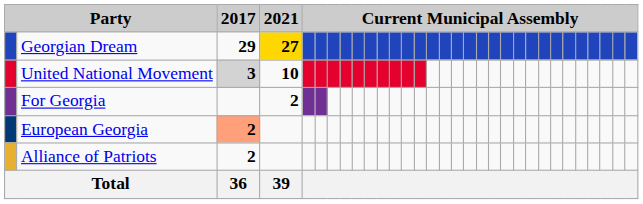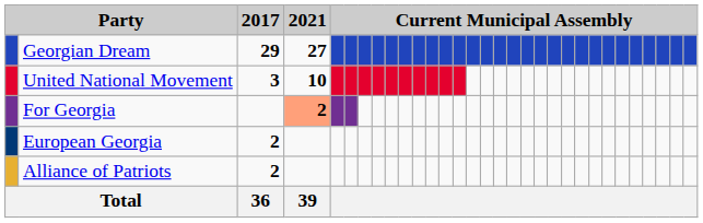 <table class="wikitable">
 <tr>
 <th colspan="2" style="background:#ccc">Party</th>
 <th style="background:#ccc">2017</th>
 <th style="background:#ccc">2021</th>
 <th colspan="30" style="background:#ccc">Current Municipal Assembly</th>
 </tr>
 <tr>
 <td style="background-color: #2044bc  "> </td>
 <td><a href='#'>Georgian Dream</a></td>
 <td style="text-align: right"><strong>29</strong></td>
-<td style="background: gold; text-align: right"><strong>27</strong></td>
+<td style="text-align: right"><strong>27</strong></td>
 <td style="background-color: #2044bc "></td>
 <td style="background-color: #2044bc "> </td>
 <td style="background-color: #2044bc "> </td>
 <td style="background-color: #2044bc "> </td>
 <td style="background-color: #2044bc "> </td>
 <td style="background-color: #2044bc "> </td>
 <td style="background-color: #2044bc "> </td>
 <td style="background-color: #2044bc "> </td>
 <td style="background-color: #2044bc "> </td>
 <td style="background-color: #2044bc "> </td>
 <td style="background-color: #2044bc "> </td>
 <td style="background-color: #2044bc "> </td>
 <td style="background-color: #2044bc "> </td>
 <td style="background-color: #2044bc "> </td>
 <td style="background-color: #2044bc "> </td>
 <td style="background-color: #2044bc "> </td>
 <td style="background-color: #2044bc "> </td>
 <td style="background-color: #2044bc "> </td>
 <td style="background-color: #2044bc "> </td>
 <td style="background-color: #2044bc "> </td>
 <td style="background-color: #2044bc "> </td>
 <td style="background-color: #2044bc "> </td>
 <td style="background-color: #2044bc "> </td>
 <td style="background-color: #2044bc "> </td>
 <td style="background-color: #2044bc "> </td>
 <td style="background-color: #2044bc "> </td>
 <td style="background-color: #2044bc "> </td>
 </tr>
 <tr>
 <td style="background-color: #e4012e  "> </td>
 <td><a href='#'>United National Movement</a></td>
-<td style="background: lightgrey; text-align: right"><strong>3</strong></td>
+<td style="text-align: right"><strong>3</strong></td>
 <td style="text-align: right"><strong>10</strong></td>
 <td style="background-color: #e4012e "> </td>
 <td style="background-color: #e4012e "> </td>
 <td style="background-color: #e4012e "> </td>
 <td style="background-color: #e4012e "> </td>
 <td style="background-color: #e4012e "> </td>
 <td style="background-color: #e4012e "> </td>
 <td style="background-color: #e4012e "> </td>
 <td style="background-color: #e4012e "> </td>
 <td style="background-color: #e4012e "> </td>
 <td style="background-color: #e4012e "> </td>
 <td></td>
 <td></td>
 <td></td>
 <td></td>
 <td></td>
 <td></td>
 <td></td>
 <td></td>
 <td></td>
 <td></td>
 <td></td>
 <td></td>
 <td></td>
 <td></td>
 <td></td>
 <td></td>
 <td></td>
 </tr>
 <tr>
 <td style="background-color: #702F92  "> </td>
 <td><a href='#'>For Georgia</a></td>
 <td></td>
-<td style="text-align: right"><strong>2</strong></td>
+<td style="background: lightsalmon; text-align: right"><strong>2</strong></td>
 <td style="background-color: #702f92 "> </td>
 <td style="background-color: #702f92 "> </td>
 <td></td>
 <td></td>
 <td></td>
 <td></td>
 <td></td>
 <td></td>
 <td></td>
 <td></td>
 <td></td>
 <td></td>
 <td></td>
 <td></td>
 <td></td>
 <td></td>
 <td></td>
 <td></td>
 <td></td>
 <td></td>
 <td></td>
 <td></td>
 <td></td>
 <td></td>
 <td></td>
 <td></td>
 <td></td>
 </tr>
 <tr>
 <td style="background-color: #003876  "> </td>
 <td><a href='#'>European Georgia</a></td>
-<td style="background: lightsalmon; text-align: right"><strong>2</strong></td>
+<td style="text-align: right"><strong>2</strong></td>
 <td></td>
 <td></td>
 <td></td>
 <td></td>
 <td></td>
 <td></td>
 <td></td>
 <td></td>
 <td></td>
 <td></td>
 <td></td>
 <td></td>
 <td></td>
 <td></td>
 <td></td>
 <td></td>
 <td></td>
 <td></td>
 <td></td>
 <td></td>
 <td></td>
 <td></td>
 <td></td>
 <td></td>
 <td></td>
 <td></td>
 <td></td>
 <td></td>
 </tr>
 <tr>
 <td style="background-color: #e7b031 "> </td>
 <td><a href='#'>Alliance of Patriots</a></td>
 <td style="text-align: right"><strong>2</strong></td>
 <td></td>
 <td></td>
 <td></td>
 <td></td>
 <td></td>
 <td></td>
 <td></td>
 <td></td>
 <td></td>
 <td></td>
 <td></td>
 <td></td>
 <td></td>
 <td></td>
 <td></td>
 <td></td>
 <td></td>
 <td></td>
 <td></td>
 <td></td>
 <td></td>
 <td></td>
 <td></td>
 <td></td>
 <td></td>
 <td></td>
 <td></td>
 <td></td>
 </tr>
 <tr>
 <th colspan="2">Total</th>
 <th align="right">36</th>
 <th align="right">39</th>
 <th colspan="35"> </th>
 </tr>
 </table>
